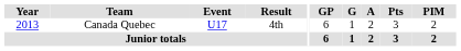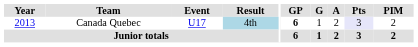 <table border="0" cellpadding="1" cellspacing="0" ID="Table3" style="text-align:center; width:40em">
 <tr ALIGN="center" bgcolor="#e0e0e0">
 <th>Year</th>
 <th>Team</th>
 <th>Event</th>
 <th>Result</th>
 <th rowspan="99" bgcolor="#ffffff"></th>
 <th>GP</th>
 <th>G</th>
 <th>A</th>
 <th>Pts</th>
 <th>PIM</th>
 </tr>
 <tr>
 <td><a href='#'>2013</a></td>
 <td>Canada Quebec</td>
 <td><a href='#'>U17</a></td>
-<td>4th</td>
-<td>6</td>
+<td style="background: lightblue;">4th</td>
+<td><strong>6</strong></td>
 <td>1</td>
 <td>2</td>
-<td>3</td>
+<td style="background: lavender;">3</td>
 <td>2</td>
 </tr>
 <tr bgcolor="#e0e0e0">
 <th colspan="4">Junior totals</th>
 <th>6</th>
 <th>1</th>
 <th>2</th>
 <th>3</th>
 <th>2</th>
 </tr>
 </table>
